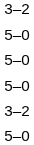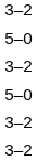 <table style="font-size:90%">
 <tr>
 <th width="160"></th>
 <th width="100"></th>
 <th width="160"></th>
 </tr>
 <tr>
 <td align="right"><strong></strong></td>
 <td align="center">3–2</td>
-<td></td>
-</tr>
-<tr>
-<td></td>
-<td></td>
-<td></td>
-</tr>
-<tr>
-<td align="right"><strong></strong></td>
-<td align="center">5–0</td>
-<td></td>
-</tr>
-<tr>
-<td></td>
-<td></td>
-<td></td>
-</tr>
-<tr>
-<td align="right"><strong></strong></td>
-<td align="center">5–0</td>
 <td></td>
 </tr>
 <tr>
 <td></td>
 <td></td>
 <td></td>
 </tr>
 <tr>
 <td align="right"><strong></strong></td>
 <td align="center">5–0</td>
 <td></td>
 </tr>
 <tr>
 <td></td>
 <td></td>
 <td></td>
 </tr>
 <tr>
 <td align="right"><strong></strong></td>
 <td align="center">3–2</td>
 <td></td>
 </tr>
 <tr>
 <td></td>
 <td></td>
 <td></td>
 </tr>
 <tr>
 <td align="right"><strong></strong></td>
 <td align="center">5–0</td>
 <td></td>
 </tr>
 <tr>
 <td></td>
 <td></td>
 <td></td>
 </tr>
 <tr>
+<td align="right"><strong></strong></td>
+<td align="center">3–2</td>
+<td></td>
+</tr>
+<tr>
+<td></td>
+<td></td>
+<td></td>
+</tr>
+<tr>
+<td align="right"><strong></strong></td>
+<td align="center">3–2</td>
+<td></td>
+</tr>
+<tr>
+<td></td>
+<td></td>
+<td></td>
+</tr>
+<tr>
 </tr>
 </table>
